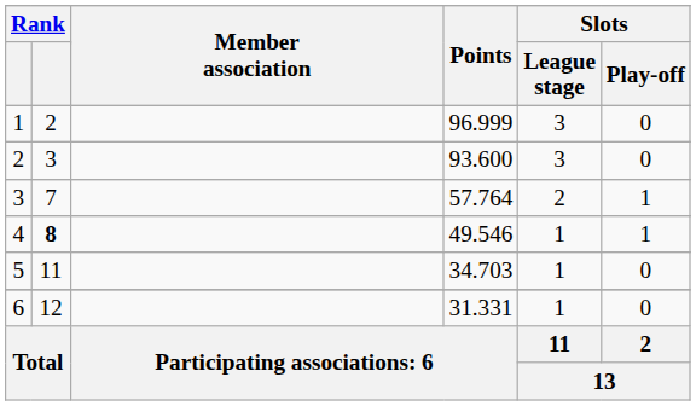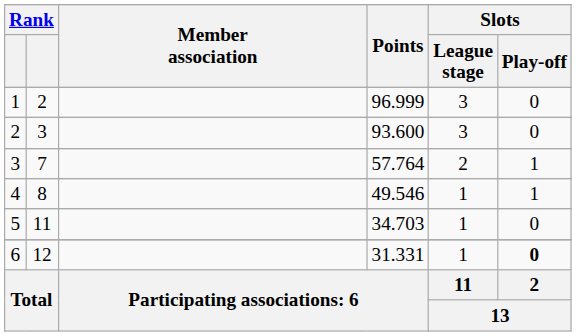 <table class="wikitable" style="text-align:center">
 <tr>
 </tr>
 <tr>
 <th colspan=2 rowspan=2><a href='#'>Rank</a></th>
 <th rowspan=3 width=250>Member<br>association</th>
 <th rowspan=3>Points</th>
 <th colspan=4>Slots</th>
 </tr>
 <tr>
 <th rowspan=2>League<br>stage</th>
 <th rowspan=2>Play-off</th>
 </tr>
 <tr>
 <th></th>
 <th></th>
 </tr>
 <tr>
 </tr>
 <tr bgcolor=>
 <td>1</td>
 <td>2</td>
 <td align=left></td>
 <td>96.999</td>
 <td>3</td>
 <td>0</td>
 </tr>
 <tr>
 </tr>
 <tr bgcolor=>
 <td>2</td>
 <td>3</td>
 <td align=left></td>
 <td>93.600</td>
 <td>3</td>
 <td>0</td>
 </tr>
 <tr>
 </tr>
 <tr bgcolor=>
 <td>3</td>
 <td>7</td>
 <td align=left></td>
 <td>57.764</td>
 <td>2</td>
 <td>1</td>
 </tr>
 <tr>
 </tr>
 <tr bgcolor=>
 <td>4</td>
-<td><strong>8</strong></td>
+<td>8</td>
 <td align=left></td>
 <td>49.546</td>
 <td>1</td>
 <td>1</td>
 </tr>
 <tr>
 </tr>
 <tr bgcolor=>
 <td>5</td>
 <td>11</td>
 <td align=left></td>
 <td>34.703</td>
 <td>1</td>
 <td>0</td>
 </tr>
 <tr>
 </tr>
 <tr bgcolor=>
 <td>6</td>
 <td>12</td>
 <td align=left></td>
 <td>31.331</td>
 <td>1</td>
-<td>0</td>
+<td><strong>0</strong></td>
 </tr>
 <tr>
 <th colspan=2 rowspan=2>Total</th>
 <th colspan=2 rowspan=2>Participating associations: 6</th>
 <th>11</th>
 <th>2</th>
 </tr>
 <tr>
 <th colspan=3>13</th>
 </tr>
 </table>
